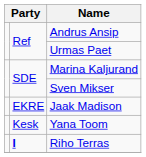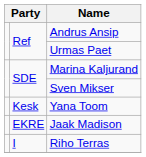 <table class="wikitable sortable">
 <tr>
 <th colspan="2">Party</th>
 <th>Name</th>
 </tr>
 <tr>
 <td rowspan=2 style="background-color:"></td>
 <td rowspan=2><a href='#'><span>Ref</span></a></td>
 <td><a href='#'>Andrus Ansip</a></td>
 </tr>
 <tr>
 <td><a href='#'>Urmas Paet</a></td>
 </tr>
 <tr>
 <td rowspan=2 style="background-color:"></td>
 <td rowspan=2><a href='#'><span>SDE</span></a></td>
 <td><a href='#'>Marina Kaljurand</a></td>
 </tr>
 <tr>
 <td><a href='#'>Sven Mikser</a></td>
 </tr>
 <tr>
 <td style="background-color:"></td>
+<td><a href='#'><span>Kesk</span></a></td>
+<td><a href='#'>Yana Toom</a></td>
+</tr>
+<tr>
+<td style="background-color:"></td>
 <td><a href='#'><span>EKRE</span></a></td>
 <td><a href='#'>Jaak Madison</a></td>
 </tr>
 <tr>
 <td style="background-color:"></td>
-<td><a href='#'><span>Kesk</span></a></td>
-<td><a href='#'>Yana Toom</a></td>
-</tr>
-<tr>
-<td style="background-color:"></td>
-<td><strong><a href='#'><span>I</span></a></strong></td>
+<td><a href='#'><span>I</span></a></td>
 <td><a href='#'>Riho Terras</a> </td>
 </tr>
 <tr>
 </tr>
 </table>
